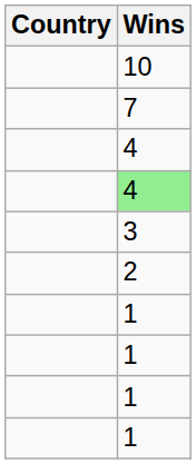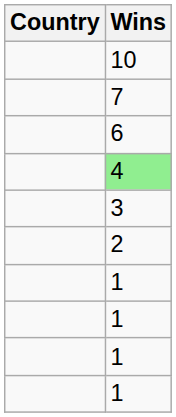 <table class="wikitable">
 <tr>
 <th>Country</th>
 <th>Wins</th>
 </tr>
 <tr>
 <td></td>
 <td>10</td>
 </tr>
 <tr>
 <td></td>
 <td>7</td>
 </tr>
 <tr>
 <td></td>
-<td>4</td>
+<td>6</td>
 </tr>
 <tr>
 <td></td>
 <td style="background: lightgreen;">4</td>
 </tr>
 <tr>
 <td></td>
 <td>3</td>
 </tr>
 <tr>
 <td></td>
 <td>2</td>
 </tr>
 <tr>
 <td></td>
 <td>1</td>
 </tr>
 <tr>
 <td></td>
 <td>1</td>
 </tr>
 <tr>
 <td></td>
 <td>1</td>
 </tr>
 <tr>
 <td></td>
 <td>1</td>
 </tr>
 </table>
